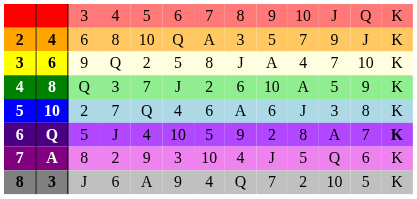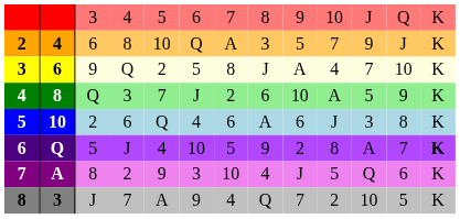 <table cellspacing="0" cellpadding="3" style="text-align: center">
 <tr bgcolor="#ff7979">
 <th style="background:red; border-right: 1px solid #000; width: 1.6em"></th>
 <th style="background:red; border-right: 1px solid #000; width: 1.6em"></th>
 <td style="width: 1.6em">3</td>
 <td style="width: 1.6em">4</td>
 <td style="width: 1.6em">5</td>
 <td style="width: 1.6em">6</td>
 <td style="width: 1.6em">7</td>
 <td style="width: 1.6em">8</td>
 <td style="width: 1.6em">9</td>
 <td style="width: 1.6em">10</td>
 <td style="width: 1.6em">J</td>
 <td style="width: 1.6em">Q</td>
 <td style="width: 1.6em">K</td>
 </tr>
 <tr bgcolor="#ffc862">
 <th style="background: orange; border-right: 1px solid #000; width: 1.6em">2</th>
 <th style="background: orange; border-right: 1px solid #000; width: 1.6em">4</th>
 <td>6</td>
 <td>8</td>
 <td>10</td>
 <td>Q</td>
 <td>A</td>
 <td>3</td>
 <td>5</td>
 <td>7</td>
 <td>9</td>
 <td>J</td>
 <td>K</td>
 </tr>
 <tr bgcolor="lightyellow">
 <th style="background:yellow; border-right: 1px solid #000; width: 1.6em">3</th>
 <th style="background:yellow; border-right: 1px solid #000; width: 1.6em">6</th>
 <td>9</td>
 <td>Q</td>
 <td>2</td>
 <td>5</td>
 <td>8</td>
 <td>J</td>
 <td>A</td>
 <td>4</td>
 <td>7</td>
 <td>10</td>
 <td>K</td>
 </tr>
 <tr bgcolor="lightgreen">
 <th style="background:green; color:white;  border-right: 1px solid #000; width: 1.6em">4</th>
 <th style="background:green; color:white;  border-right: 1px solid #000; width: 1.6em">8</th>
 <td>Q</td>
 <td>3</td>
 <td>7</td>
 <td>J</td>
 <td>2</td>
 <td>6</td>
 <td>10</td>
 <td>A</td>
 <td>5</td>
 <td>9</td>
 <td>K</td>
 </tr>
 <tr bgcolor="lightblue">
 <th style="background:blue; color:white;  border-right: 1px solid #000; width: 1.6em">5</th>
 <th style="background:blue; color:white;  border-right: 1px solid #000; width: 1.6em">10</th>
 <td>2</td>
-<td>7</td>
+<td>6</td>
 <td>Q</td>
 <td>4</td>
 <td>6</td>
 <td>A</td>
 <td>6</td>
 <td>J</td>
 <td>3</td>
 <td>8</td>
 <td>K</td>
 </tr>
 <tr bgcolor="#b148ff">
 <th style="background:indigo; color:white;  border-right: 1px solid #000; width: 1.6em">6</th>
 <th style="background:indigo; color:white;  border-right: 1px solid #000; width: 1.6em">Q</th>
 <td>5</td>
 <td>J</td>
 <td>4</td>
 <td>10</td>
 <td>5</td>
 <td>9</td>
 <td>2</td>
 <td>8</td>
 <td>A</td>
 <td>7</td>
 <td><strong>K</strong></td>
 </tr>
 <tr bgcolor="violet">
 <th style="background:purple; color:white;  border-right: 1px solid #000; width: 1.6em">7</th>
 <th style="background:purple; color:white;  border-right: 1px solid #000; width: 1.6em">A</th>
 <td>8</td>
 <td>2</td>
 <td>9</td>
 <td>3</td>
 <td>10</td>
 <td>4</td>
 <td>J</td>
 <td>5</td>
 <td>Q</td>
 <td>6</td>
 <td>K</td>
 </tr>
 <tr bgcolor="silver">
 <th style="background:gray; border-right: 1px solid #000; width: 1.6em">8</th>
 <th style="background:gray; border-right: 1px solid #000; width: 1.6em">3</th>
 <td>J</td>
-<td>6</td>
+<td>7</td>
 <td>A</td>
 <td>9</td>
 <td>4</td>
 <td>Q</td>
 <td>7</td>
 <td>2</td>
 <td>10</td>
 <td>5</td>
 <td>K</td>
 </tr>
 </table>
